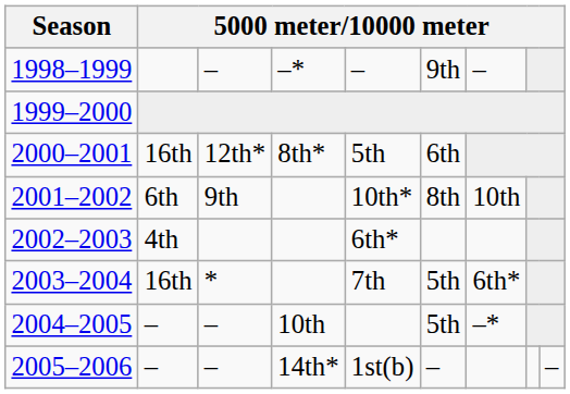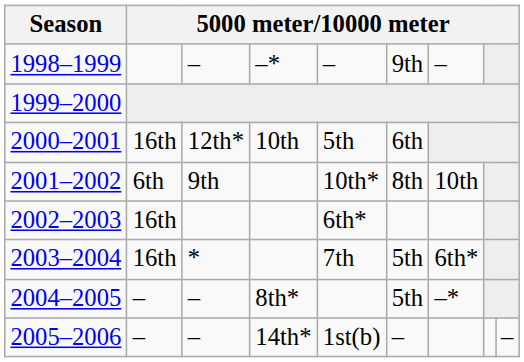 <table class="wikitable" style="display: inline-table;">
 <tr>
 <th>Season</th>
 <th colspan="8">5000 meter/10000 meter</th>
 </tr>
 <tr>
 <td><a href='#'>1998–1999</a></td>
 <td></td>
 <td>–</td>
 <td>–*</td>
 <td>–</td>
 <td>9th</td>
 <td>–</td>
 <td colspan="2" bgcolor=#EEEEEE></td>
 </tr>
 <tr>
 <td><a href='#'>1999–2000</a></td>
 <td colspan="8" bgcolor=#EEEEEE></td>
 </tr>
 <tr>
 <td><a href='#'>2000–2001</a></td>
 <td>16th</td>
 <td>12th*</td>
-<td>8th*</td>
+<td>10th</td>
 <td>5th</td>
 <td>6th</td>
 <td colspan="3" bgcolor=#EEEEEE></td>
 </tr>
 <tr>
 <td><a href='#'>2001–2002</a></td>
 <td>6th</td>
 <td>9th</td>
 <td></td>
 <td>10th*</td>
 <td>8th</td>
 <td>10th</td>
 <td colspan="2" bgcolor=#EEEEEE></td>
 </tr>
 <tr>
 <td><a href='#'>2002–2003</a></td>
-<td>4th</td>
+<td>16th</td>
 <td></td>
 <td></td>
 <td>6th*</td>
 <td></td>
 <td></td>
 <td colspan="3" bgcolor=#EEEEEE></td>
 </tr>
 <tr>
 <td><a href='#'>2003–2004</a></td>
 <td>16th</td>
 <td>*</td>
 <td></td>
 <td>7th</td>
 <td>5th</td>
 <td>6th*</td>
 <td colspan="2" bgcolor=#EEEEEE></td>
 </tr>
 <tr>
 <td><a href='#'>2004–2005</a></td>
 <td>–</td>
 <td>–</td>
-<td>10th</td>
+<td>8th*</td>
 <td></td>
 <td>5th</td>
 <td>–*</td>
 <td colspan="2" bgcolor=#EEEEEE></td>
 </tr>
 <tr>
 <td><a href='#'>2005–2006</a></td>
 <td>–</td>
 <td>–</td>
 <td>14th*</td>
 <td>1st(b)</td>
 <td>–</td>
 <td></td>
 <td></td>
 <td>–</td>
 </tr>
 </table>
